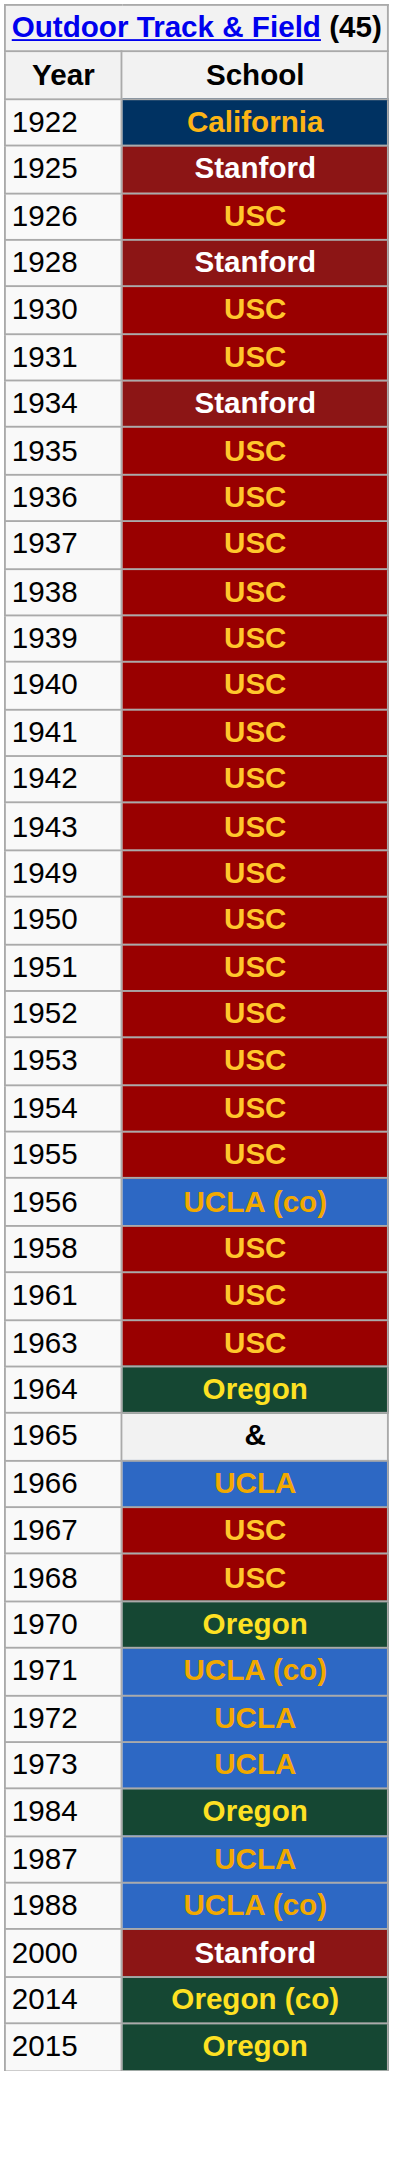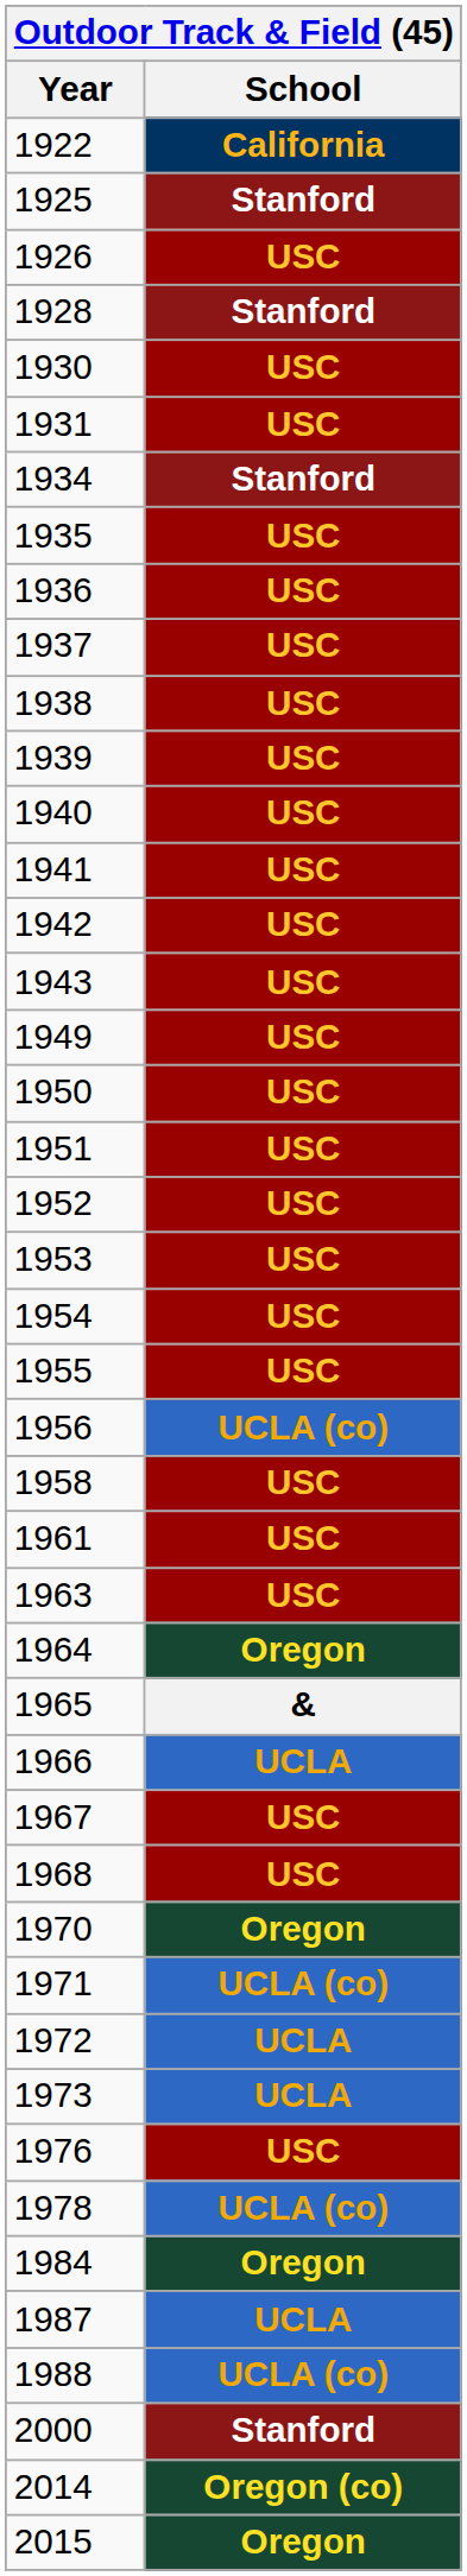 <table class="wikitable">
 <tr>
 <th colspan=2><a href='#'>Outdoor Track & Field</a> (45)</th>
 </tr>
 <tr>
 <th>Year</th>
 <th>School</th>
 </tr>
 <tr>
 <td>1922</td>
 <th style="background:#003262; color:#FDB515;">California</th>
 </tr>
 <tr>
 <td>1925</td>
 <th style="background:#8C1515; color:#FFFFFF;">Stanford</th>
 </tr>
 <tr>
 <td>1926</td>
 <th style="background:#990000; color:#FFC72C;">USC</th>
 </tr>
 <tr>
 <td>1928</td>
 <th style="background:#8C1515; color:#FFFFFF;">Stanford</th>
 </tr>
 <tr>
 <td>1930</td>
 <th style="background:#990000; color:#FFC72C;">USC</th>
 </tr>
 <tr>
 <td>1931</td>
 <th style="background:#990000; color:#FFC72C;">USC</th>
 </tr>
 <tr>
 <td>1934</td>
 <th style="background:#8C1515; color:#FFFFFF;">Stanford</th>
 </tr>
 <tr>
 <td>1935</td>
 <th style="background:#990000; color:#FFC72C;">USC</th>
 </tr>
 <tr>
 <td>1936</td>
 <th style="background:#990000; color:#FFC72C;">USC</th>
 </tr>
 <tr>
 <td>1937</td>
 <th style="background:#990000; color:#FFC72C;">USC</th>
 </tr>
 <tr>
 <td>1938</td>
 <th style="background:#990000; color:#FFC72C;">USC</th>
 </tr>
 <tr>
 <td>1939</td>
 <th style="background:#990000; color:#FFC72C;">USC</th>
 </tr>
 <tr>
 <td>1940</td>
 <th style="background:#990000; color:#FFC72C;">USC</th>
 </tr>
 <tr>
 <td>1941</td>
 <th style="background:#990000; color:#FFC72C;">USC</th>
 </tr>
 <tr>
 <td>1942</td>
 <th style="background:#990000; color:#FFC72C;">USC</th>
 </tr>
 <tr>
 <td>1943</td>
 <th style="background:#990000; color:#FFC72C;">USC</th>
 </tr>
 <tr>
 <td>1949</td>
 <th style="background:#990000; color:#FFC72C;">USC</th>
 </tr>
 <tr>
 <td>1950</td>
 <th style="background:#990000; color:#FFC72C;">USC</th>
 </tr>
 <tr>
 <td>1951</td>
 <th style="background:#990000; color:#FFC72C;">USC</th>
 </tr>
 <tr>
 <td>1952</td>
 <th style="background:#990000; color:#FFC72C;">USC</th>
 </tr>
 <tr>
 <td>1953</td>
 <th style="background:#990000; color:#FFC72C;">USC</th>
 </tr>
 <tr>
 <td>1954</td>
 <th style="background:#990000; color:#FFC72C;">USC</th>
 </tr>
 <tr>
 <td>1955</td>
 <th style="background:#990000; color:#FFC72C;">USC</th>
 </tr>
 <tr>
 <td>1956</td>
 <th style="background:#2D68C4; color:#F2A900;">UCLA (co)</th>
 </tr>
 <tr>
 <td>1958</td>
 <th style="background:#990000; color:#FFC72C;">USC</th>
 </tr>
 <tr>
 <td>1961</td>
 <th style="background:#990000; color:#FFC72C;">USC</th>
 </tr>
 <tr>
 <td>1963</td>
 <th style="background:#990000; color:#FFC72C;">USC</th>
 </tr>
 <tr>
 <td>1964</td>
 <th style="background:#154733; color:#FEE123;">Oregon</th>
 </tr>
 <tr>
 <td>1965</td>
 <th style="text-align:center;"> & </th>
 </tr>
 <tr>
 <td>1966</td>
 <th style="background:#2D68C4; color:#F2A900;">UCLA</th>
 </tr>
 <tr>
 <td>1967</td>
 <th style="background:#990000; color:#FFC72C;">USC</th>
 </tr>
 <tr>
 <td>1968</td>
 <th style="background:#990000; color:#FFC72C;">USC</th>
 </tr>
 <tr>
 <td>1970</td>
 <th style="background:#154733; color:#FEE123;">Oregon</th>
 </tr>
 <tr>
 <td>1971</td>
 <th style="background:#2D68C4; color:#F2A900;">UCLA (co)</th>
 </tr>
 <tr>
 <td>1972</td>
 <th style="background:#2D68C4; color:#F2A900;">UCLA</th>
 </tr>
 <tr>
 <td>1973</td>
 <th style="background:#2D68C4; color:#F2A900;">UCLA</th>
 </tr>
 <tr>
+<td>1976</td>
+<th style="background:#990000; color:#FFC72C;">USC</th>
+</tr>
+<tr>
+<td>1978</td>
+<th style="background:#2D68C4; color:#F2A900;">UCLA (co)</th>
+</tr>
+<tr>
 <td>1984</td>
 <th style="background:#154733; color:#FEE123;">Oregon</th>
 </tr>
 <tr>
 <td>1987</td>
 <th style="background:#2D68C4; color:#F2A900;">UCLA</th>
 </tr>
 <tr>
 <td>1988</td>
 <th style="background:#2D68C4; color:#F2A900;">UCLA (co)</th>
 </tr>
 <tr>
 <td>2000</td>
 <th style="background:#8C1515; color:#FFFFFF;">Stanford</th>
 </tr>
 <tr>
 <td>2014</td>
 <th style="background:#154733; color:#FEE123;">Oregon (co)</th>
 </tr>
 <tr>
 <td>2015</td>
 <th style="background:#154733; color:#FEE123;">Oregon</th>
 </tr>
 </table>
